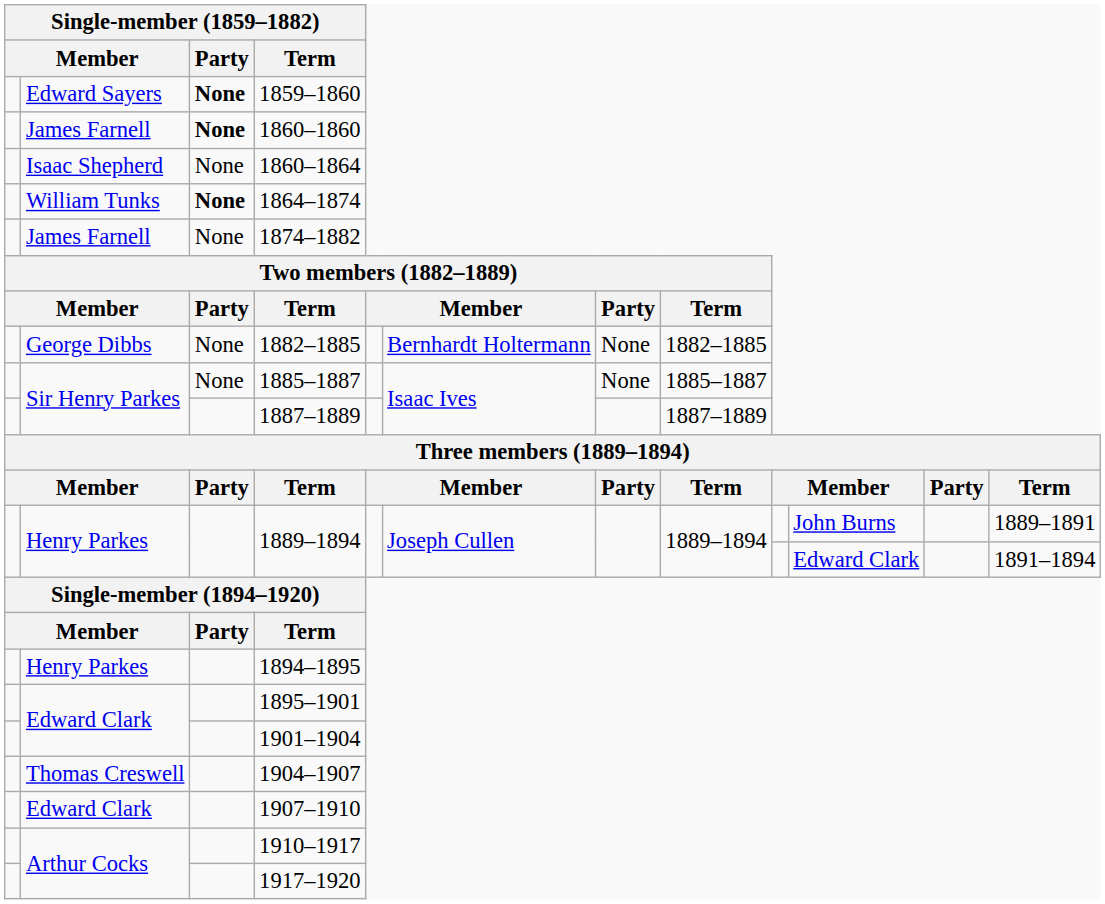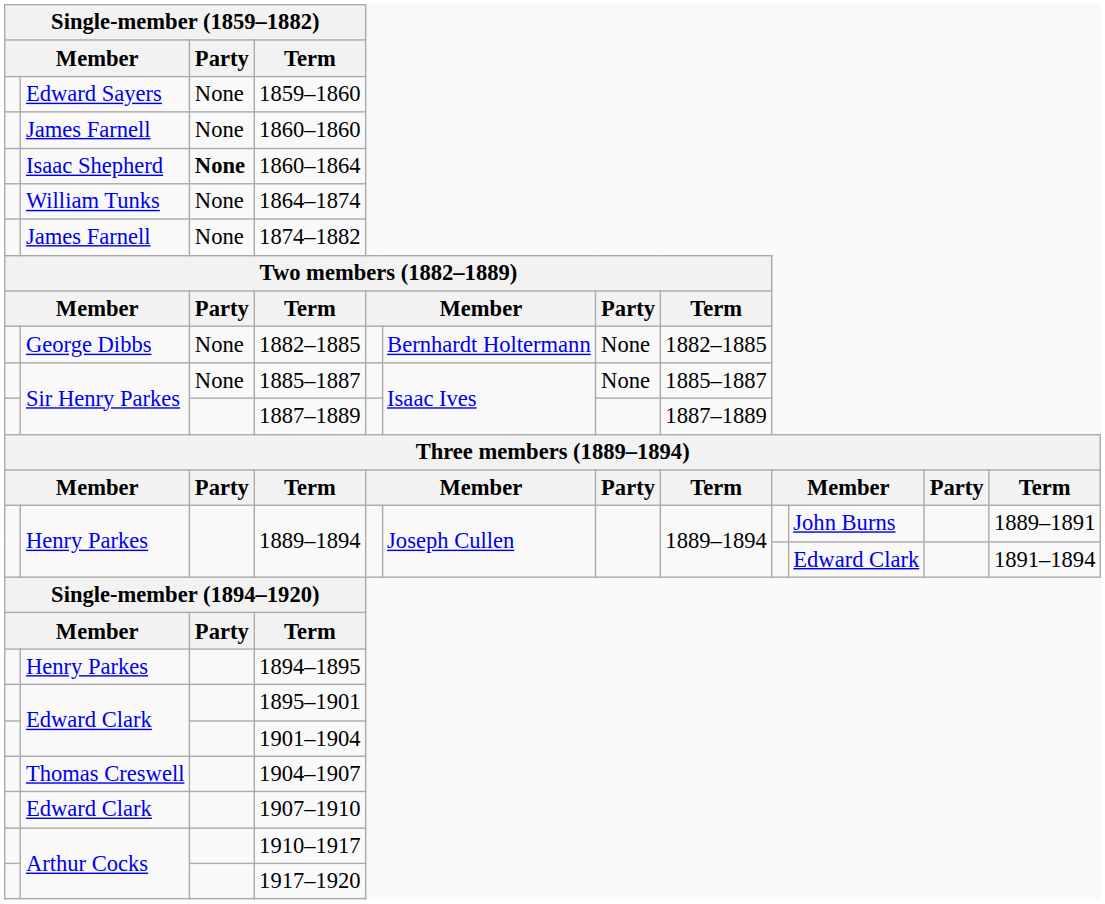 <table class="wikitable" style='border-style: none none none solid;'>
 <tr>
 <th colspan="4">Single-member (1859–1882)</th>
 </tr>
 <tr>
 <th colspan="2">Member</th>
 <th>Party</th>
 <th>Term</th>
 </tr>
 <tr style="background: #f9f9f9">
 <td> </td>
 <td><a href='#'>Edward Sayers</a></td>
-<td><strong>None</strong></td>
+<td>None</td>
 <td>1859–1860</td>
 </tr>
 <tr style="background: #f9f9f9">
 <td> </td>
 <td><a href='#'>James Farnell</a></td>
-<td><strong>None</strong></td>
+<td>None</td>
 <td>1860–1860</td>
 </tr>
 <tr style="background: #f9f9f9">
 <td> </td>
 <td><a href='#'>Isaac Shepherd</a></td>
-<td>None</td>
+<td><strong>None</strong></td>
 <td>1860–1864</td>
 </tr>
 <tr style="background: #f9f9f9">
 <td> </td>
 <td><a href='#'>William Tunks</a></td>
-<td><strong>None</strong></td>
+<td>None</td>
 <td>1864–1874</td>
 </tr>
 <tr style="background: #f9f9f9">
 <td> </td>
 <td><a href='#'>James Farnell</a></td>
 <td>None</td>
 <td>1874–1882</td>
 </tr>
 <tr>
 <th colspan="8">Two members (1882–1889)</th>
 </tr>
 <tr>
 <th colspan="2">Member</th>
 <th>Party</th>
 <th>Term</th>
 <th colspan="2">Member</th>
 <th>Party</th>
 <th>Term</th>
 </tr>
 <tr style="background: #f9f9f9">
 <td> </td>
 <td><a href='#'>George Dibbs</a></td>
 <td>None</td>
 <td>1882–1885</td>
 <td> </td>
 <td><a href='#'>Bernhardt Holtermann</a></td>
 <td>None</td>
 <td>1882–1885</td>
 </tr>
 <tr style="background: #f9f9f9">
 <td> </td>
 <td rowspan="2"><a href='#'>Sir Henry Parkes</a></td>
 <td>None</td>
 <td>1885–1887</td>
 <td> </td>
 <td rowspan="2"><a href='#'>Isaac Ives</a></td>
 <td>None</td>
 <td>1885–1887</td>
 </tr>
 <tr style="background: #f9f9f9">
 <td> </td>
 <td></td>
 <td>1887–1889</td>
 <td> </td>
 <td></td>
 <td>1887–1889</td>
 </tr>
 <tr>
 <th colspan="12">Three members (1889–1894)</th>
 </tr>
 <tr>
 <th colspan="2">Member</th>
 <th>Party</th>
 <th>Term</th>
 <th colspan="2">Member</th>
 <th>Party</th>
 <th>Term</th>
 <th colspan="2">Member</th>
 <th>Party</th>
 <th>Term</th>
 </tr>
 <tr style="background: #f9f9f9">
 <td rowspan="2" > </td>
 <td rowspan="2"><a href='#'>Henry Parkes</a></td>
 <td rowspan="2"></td>
 <td rowspan="2">1889–1894</td>
 <td rowspan="2" > </td>
 <td rowspan="2"><a href='#'>Joseph Cullen</a></td>
 <td rowspan="2"></td>
 <td rowspan="2">1889–1894</td>
 <td> </td>
 <td><a href='#'>John Burns</a></td>
 <td></td>
 <td>1889–1891</td>
 </tr>
 <tr style="background: #f9f9f9">
 <td> </td>
 <td><a href='#'>Edward Clark</a></td>
 <td></td>
 <td>1891–1894</td>
 </tr>
 <tr>
 <th colspan="4">Single-member (1894–1920)</th>
 </tr>
 <tr>
 <th colspan="2">Member</th>
 <th>Party</th>
 <th>Term</th>
 </tr>
 <tr style="background: #f9f9f9">
 <td> </td>
 <td><a href='#'>Henry Parkes</a></td>
 <td></td>
 <td>1894–1895</td>
 </tr>
 <tr style="background: #f9f9f9">
 <td> </td>
 <td rowspan="2"><a href='#'>Edward Clark</a></td>
 <td></td>
 <td>1895–1901</td>
 </tr>
 <tr style="background: #f9f9f9">
 <td> </td>
 <td></td>
 <td>1901–1904</td>
 </tr>
 <tr style="background: #f9f9f9">
 <td> </td>
 <td><a href='#'>Thomas Creswell</a></td>
 <td></td>
 <td>1904–1907</td>
 </tr>
 <tr style="background: #f9f9f9">
 <td> </td>
 <td><a href='#'>Edward Clark</a></td>
 <td></td>
 <td>1907–1910</td>
 </tr>
 <tr style="background: #f9f9f9">
 <td> </td>
 <td rowspan="2"><a href='#'>Arthur Cocks</a></td>
 <td></td>
 <td>1910–1917</td>
 </tr>
 <tr style="background: #f9f9f9">
 <td> </td>
 <td></td>
 <td>1917–1920</td>
 </tr>
 </table>
